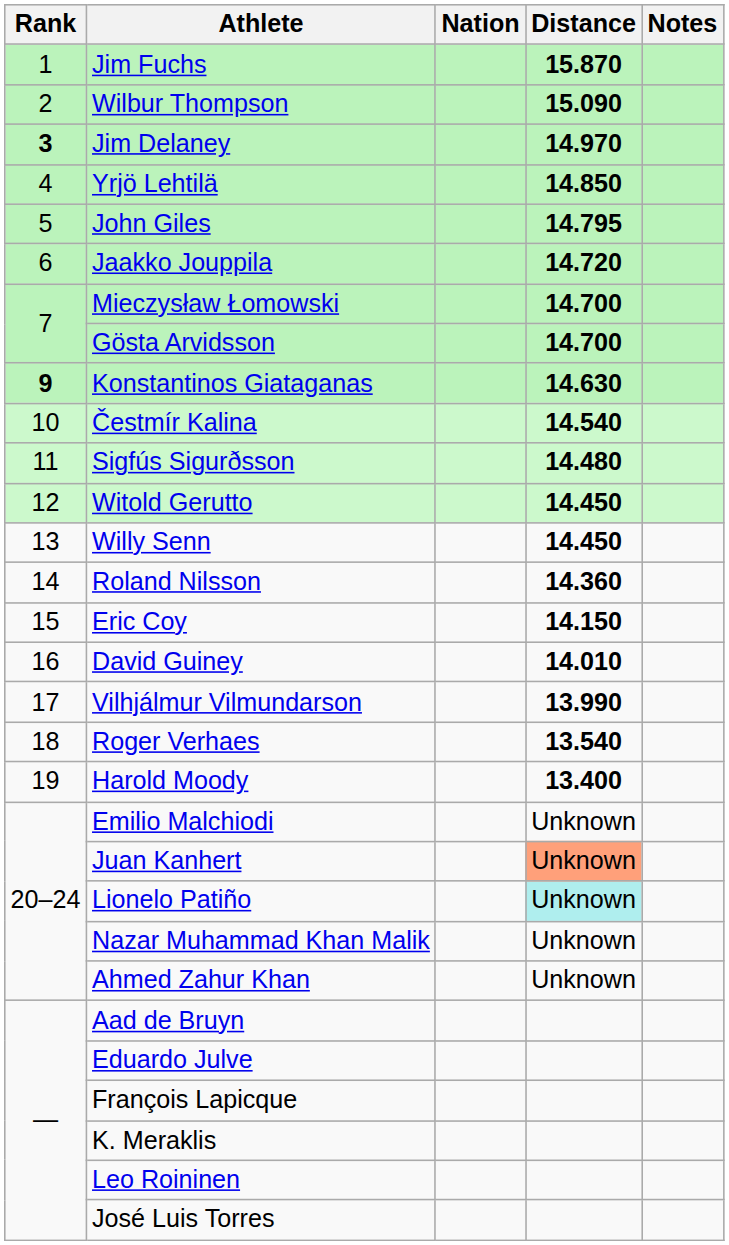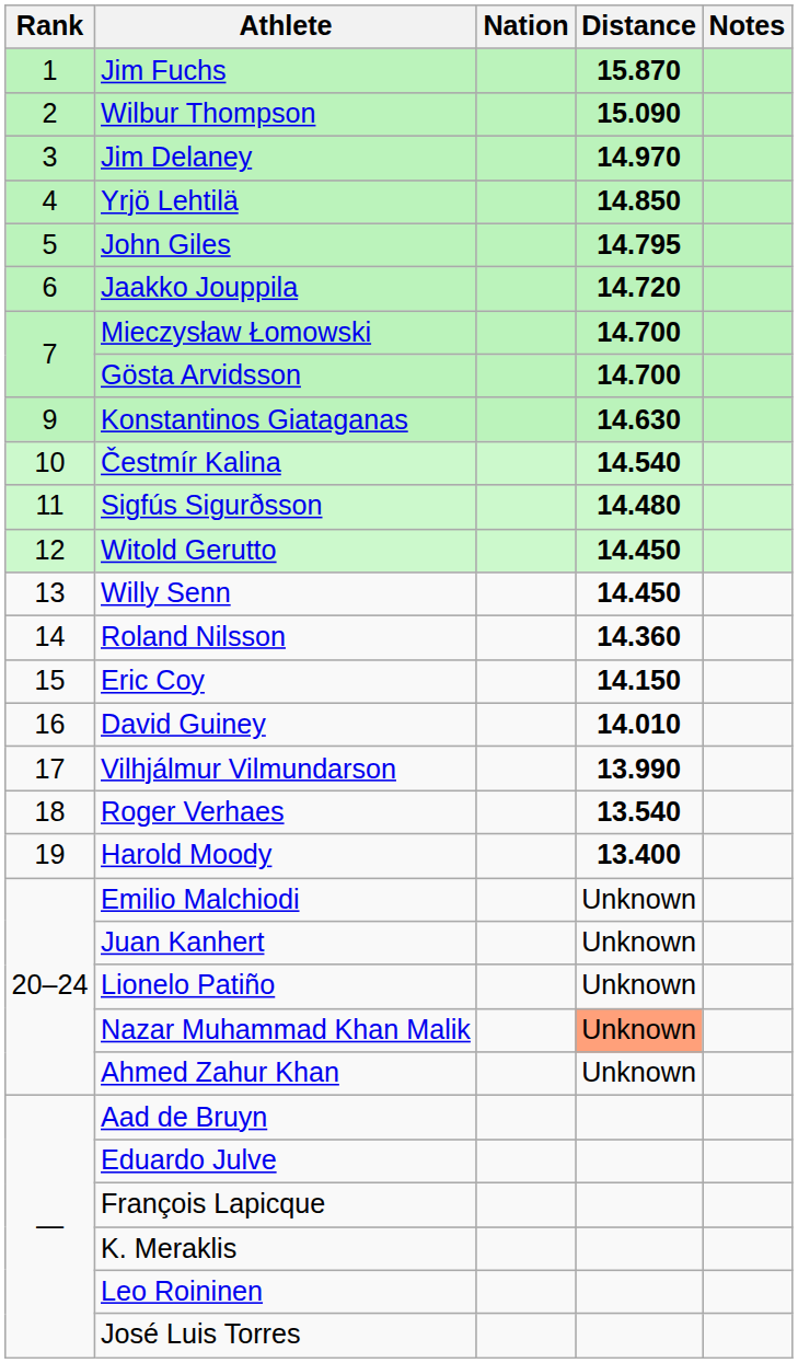 <table class="wikitable sortable" style="text-align:center">
 <tr>
 <th>Rank</th>
 <th>Athlete</th>
 <th>Nation</th>
 <th>Distance</th>
 <th>Notes</th>
 </tr>
 <tr bgcolor=#bbf3bb>
 <td>1</td>
 <td align=left><a href='#'>Jim Fuchs</a></td>
 <td align=left></td>
 <td><strong>15.870</strong></td>
 <td></td>
 </tr>
 <tr bgcolor=#bbf3bb>
 <td>2</td>
 <td align=left><a href='#'>Wilbur Thompson</a></td>
 <td align=left></td>
 <td><strong>15.090</strong></td>
 <td></td>
 </tr>
 <tr bgcolor=#bbf3bb>
-<td><strong>3</strong></td>
+<td>3</td>
 <td align=left><a href='#'>Jim Delaney</a></td>
 <td align=left></td>
 <td><strong>14.970</strong></td>
 <td></td>
 </tr>
 <tr bgcolor=#bbf3bb>
 <td>4</td>
 <td align=left><a href='#'>Yrjö Lehtilä</a></td>
 <td align=left></td>
 <td><strong>14.850</strong></td>
 <td></td>
 </tr>
 <tr bgcolor=#bbf3bb>
 <td>5</td>
 <td align=left><a href='#'>John Giles</a></td>
 <td align=left></td>
 <td><strong>14.795</strong></td>
 <td></td>
 </tr>
 <tr bgcolor=#bbf3bb>
 <td>6</td>
 <td align=left><a href='#'>Jaakko Jouppila</a></td>
 <td align=left></td>
 <td><strong>14.720</strong></td>
 <td></td>
 </tr>
 <tr bgcolor=#bbf3bb>
 <td rowspan=2>7</td>
 <td align=left><a href='#'>Mieczysław Łomowski</a></td>
 <td align=left></td>
 <td><strong>14.700</strong></td>
 <td></td>
 </tr>
 <tr bgcolor=#bbf3bb>
 <td align=left><a href='#'>Gösta Arvidsson</a></td>
 <td align=left></td>
 <td><strong>14.700</strong></td>
 <td></td>
 </tr>
 <tr bgcolor=#bbf3bb>
-<td><strong>9</strong></td>
+<td>9</td>
 <td align=left><a href='#'>Konstantinos Giataganas</a></td>
 <td align=left></td>
 <td><strong>14.630</strong></td>
 <td></td>
 </tr>
 <tr bgcolor=#ccf9cc>
 <td>10</td>
 <td align=left><a href='#'>Čestmír Kalina</a></td>
 <td align=left></td>
 <td><strong>14.540</strong></td>
 <td></td>
 </tr>
 <tr bgcolor=#ccf9cc>
 <td>11</td>
 <td align=left><a href='#'>Sigfús Sigurðsson</a></td>
 <td align=left></td>
 <td><strong>14.480</strong></td>
 <td></td>
 </tr>
 <tr bgcolor=#ccf9cc>
 <td>12</td>
 <td align=left><a href='#'>Witold Gerutto</a></td>
 <td align=left></td>
 <td><strong>14.450</strong></td>
 <td></td>
 </tr>
 <tr>
 <td>13</td>
 <td align=left><a href='#'>Willy Senn</a></td>
 <td align=left></td>
 <td><strong>14.450</strong></td>
 <td></td>
 </tr>
 <tr>
 <td>14</td>
 <td align=left><a href='#'>Roland Nilsson</a></td>
 <td align=left></td>
 <td><strong>14.360</strong></td>
 <td></td>
 </tr>
 <tr>
 <td>15</td>
 <td align=left><a href='#'>Eric Coy</a></td>
 <td align=left></td>
 <td><strong>14.150</strong></td>
 <td></td>
 </tr>
 <tr>
 <td>16</td>
 <td align=left><a href='#'>David Guiney</a></td>
 <td align=left></td>
 <td><strong>14.010</strong></td>
 <td></td>
 </tr>
 <tr>
 <td>17</td>
 <td align=left><a href='#'>Vilhjálmur Vilmundarson</a></td>
 <td align=left></td>
 <td><strong>13.990</strong></td>
 <td></td>
 </tr>
 <tr>
 <td>18</td>
 <td align=left><a href='#'>Roger Verhaes</a></td>
 <td align=left></td>
 <td><strong>13.540</strong></td>
 <td></td>
 </tr>
 <tr>
 <td>19</td>
 <td align=left><a href='#'>Harold Moody</a></td>
 <td align=left></td>
 <td><strong>13.400</strong></td>
 <td></td>
 </tr>
 <tr>
 <td rowspan=5 data-sort-value=20>20–24</td>
 <td align=left><a href='#'>Emilio Malchiodi</a></td>
 <td align=left></td>
 <td>Unknown</td>
 <td></td>
 </tr>
 <tr>
 <td align=left><a href='#'>Juan Kanhert</a></td>
 <td align=left></td>
-<td style="background: lightsalmon;">Unknown</td>
+<td>Unknown</td>
 <td></td>
 </tr>
 <tr>
 <td align=left><a href='#'>Lionelo Patiño</a></td>
 <td align=left></td>
-<td style="background: paleturquoise;">Unknown</td>
+<td>Unknown</td>
 <td></td>
 </tr>
 <tr>
 <td align=left><a href='#'>Nazar Muhammad Khan Malik</a></td>
 <td align=left></td>
-<td>Unknown</td>
+<td style="background: lightsalmon;">Unknown</td>
 <td></td>
 </tr>
 <tr>
 <td align=left><a href='#'>Ahmed Zahur Khan</a></td>
 <td align=left></td>
 <td>Unknown</td>
 <td></td>
 </tr>
 <tr>
 <td rowspan=6 data-sort-value=26>—</td>
 <td align=left><a href='#'>Aad de Bruyn</a></td>
 <td align=left></td>
 <td></td>
 <td></td>
 </tr>
 <tr>
 <td align=left><a href='#'>Eduardo Julve</a></td>
 <td align=left></td>
 <td></td>
 <td></td>
 </tr>
 <tr>
 <td align=left>François Lapicque</td>
 <td align=left></td>
 <td></td>
 <td></td>
 </tr>
 <tr>
 <td align=left>K. Meraklis</td>
 <td align=left></td>
 <td></td>
 <td></td>
 </tr>
 <tr>
 <td align=left><a href='#'>Leo Roininen</a></td>
 <td align=left></td>
 <td></td>
 <td></td>
 </tr>
 <tr>
 <td align=left>José Luis Torres</td>
 <td align=left></td>
 <td></td>
 <td></td>
 </tr>
 </table>
